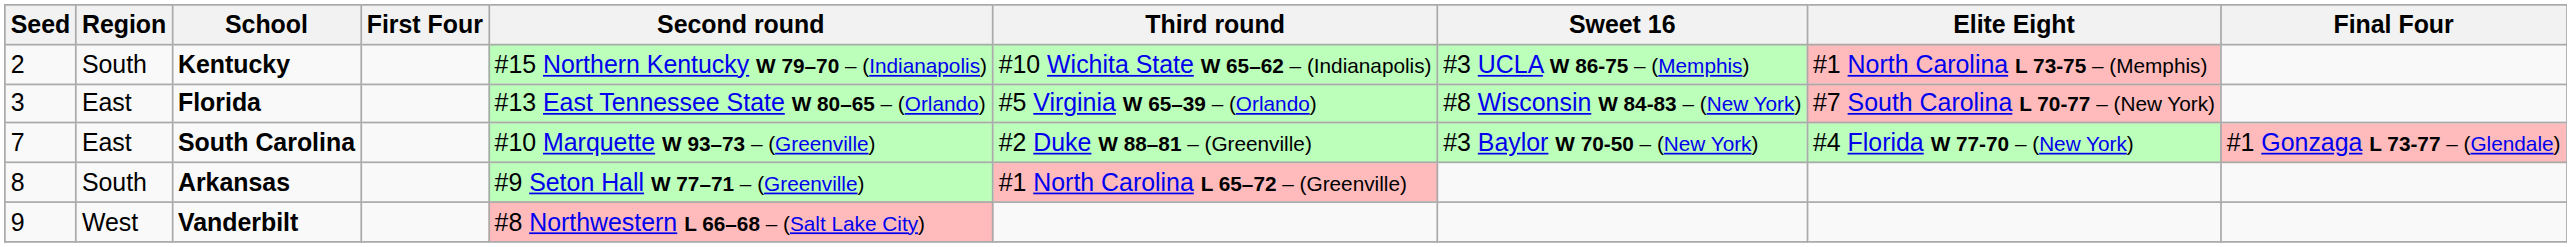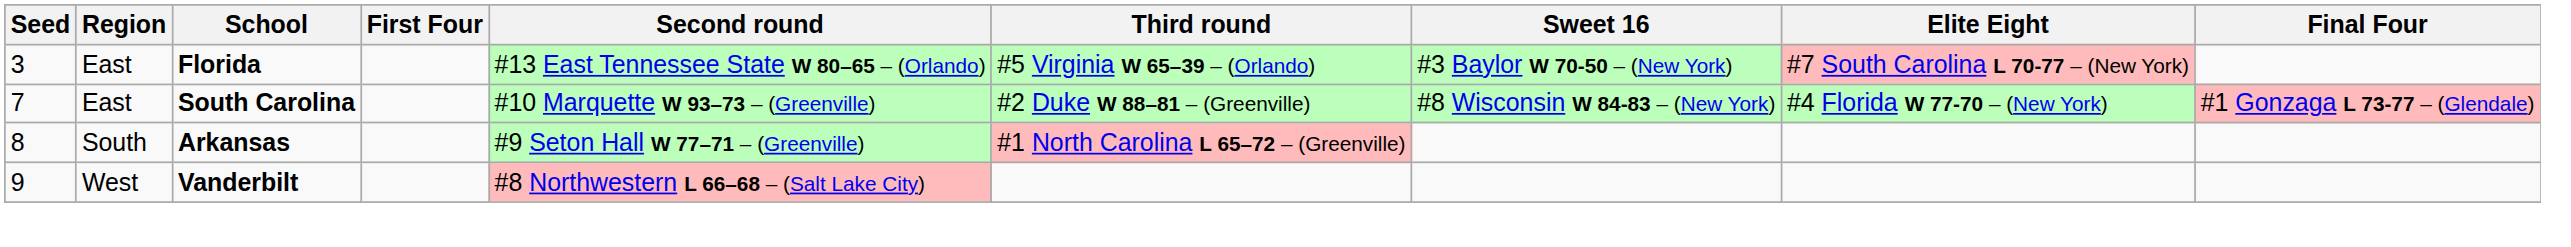 <table class="sortable wikitable" style="white-space:nowrap; font-size:90%;">
 <tr>
 <th>Seed</th>
 <th>Region</th>
 <th>School</th>
 <th>First Four</th>
 <th>Second round</th>
 <th>Third round</th>
 <th>Sweet 16</th>
 <th>Elite Eight</th>
 <th>Final Four</th>
 </tr>
 <tr>
-<td>2</td>
-<td>South</td>
-<td><strong>Kentucky</strong></td>
-<td> </td>
-<td style="background:#bfb;">#15 <a href='#'>Northern Kentucky</a> <small><strong>W 79–70</strong> – (<a href='#'>Indianapolis</a>)</small></td>
-<td style="background:#bfb;">#10 <a href='#'>Wichita State</a> <small><strong>W 65–62</strong> – (Indianapolis)</small></td>
-<td style="background:#bfb;">#3 <a href='#'>UCLA</a> <small><strong>W 86-75</strong> – (<a href='#'>Memphis</a>)</small></td>
-<td style="background:#fbb;">#1 <a href='#'>North Carolina</a> <small><strong>L 73-75</strong> – (Memphis)</small></td>
-<td> </td>
-</tr>
-<tr>
 <td>3</td>
 <td>East</td>
 <td><strong>Florida</strong></td>
 <td> </td>
 <td style="background:#bfb;">#13 <a href='#'>East Tennessee State</a> <small><strong>W 80–65</strong> – (<a href='#'>Orlando</a>)</small></td>
 <td style="background:#bfb;">#5 <a href='#'>Virginia</a> <small><strong>W 65–39</strong> – (<a href='#'>Orlando</a>)</small></td>
-<td style="background:#bfb;">#8 <a href='#'>Wisconsin</a> <small><strong>W 84-83</strong> – (<a href='#'>New York</a>)</small></td>
+<td style="background:#bfb;">#3 <a href='#'>Baylor</a> <small><strong>W 70-50</strong> – (<a href='#'>New York</a>)</small></td>
 <td style="background:#fbb;">#7 <a href='#'>South Carolina</a> <small><strong>L 70-77</strong> – (New York)</small></td>
 <td> </td>
 </tr>
 <tr>
 <td>7</td>
 <td>East</td>
 <td><strong>South Carolina</strong></td>
 <td> </td>
 <td style="background:#bfb;">#10 <a href='#'>Marquette</a> <small><strong>W 93–73</strong> – (<a href='#'>Greenville</a>)</small></td>
 <td style="background:#bfb;">#2 <a href='#'>Duke</a> <small><strong>W 88–81</strong> – (Greenville)</small></td>
-<td style="background:#bfb;">#3 <a href='#'>Baylor</a> <small><strong>W 70-50</strong> – (<a href='#'>New York</a>)</small></td>
+<td style="background:#bfb;">#8 <a href='#'>Wisconsin</a> <small><strong>W 84-83</strong> – (<a href='#'>New York</a>)</small></td>
 <td style="background:#bfb;">#4 <a href='#'>Florida</a> <small><strong>W 77-70</strong> – (<a href='#'>New York</a>)</small></td>
 <td style="background:#fbb;">#1 <a href='#'>Gonzaga</a> <small><strong>L 73-77</strong> – (<a href='#'>Glendale</a>)</small></td>
 </tr>
 <tr>
 <td>8</td>
 <td>South</td>
 <td><strong>Arkansas</strong></td>
 <td> </td>
 <td style="background:#bfb;">#9 <a href='#'>Seton Hall</a> <small><strong>W 77–71</strong> – (<a href='#'>Greenville</a>)</small></td>
 <td style="background:#fbb;">#1 <a href='#'>North Carolina</a> <small><strong>L 65–72</strong> – (Greenville)</small></td>
 <td> </td>
 <td> </td>
 <td> </td>
 </tr>
 <tr>
 <td>9</td>
 <td>West</td>
 <td><strong>Vanderbilt</strong></td>
 <td> </td>
 <td style="background:#fbb;">#8 <a href='#'>Northwestern</a> <small><strong>L 66–68</strong> – (<a href='#'>Salt Lake City</a>)</small></td>
 <td> </td>
 <td> </td>
 <td> </td>
 <td> </td>
 </tr>
 </table>
